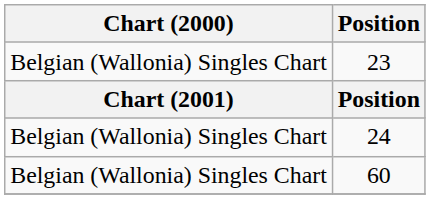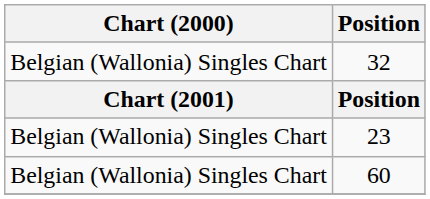 <table class="wikitable sortable">
 <tr>
 <th>Chart (2000)</th>
 <th>Position</th>
 </tr>
 <tr>
 <td>Belgian (Wallonia) Singles Chart</td>
-<td align="center">23</td>
+<td align="center">32</td>
 </tr>
 <tr>
 <th>Chart (2001)</th>
 <th>Position</th>
 </tr>
 <tr>
 <td>Belgian (Wallonia) Singles Chart</td>
-<td align="center">24</td>
+<td align="center">23</td>
 </tr>
 <tr>
 <td>Belgian (Wallonia) Singles Chart</td>
 <td align="center">60</td>
 </tr>
 <tr>
 </tr>
 </table>
